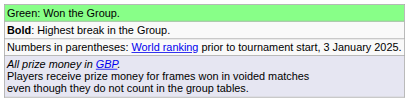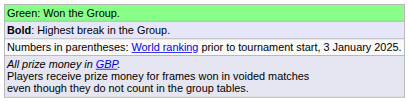 <table class="wikitable" style="font-size:85%;">
 <tr style="background:#88ff88;">
 <td>Green: Won the Group.</td>
 </tr>
 <tr>
-<td><strong>Bold</strong>: Highest break in the Group.</td>
+<td style="background: lavender;"><strong>Bold</strong>: Highest break in the Group.</td>
 </tr>
 <tr>
 <td>Numbers in parentheses: <a href='#'>World ranking</a> prior to tournament start, 3 January 2025.</td>
 </tr>
 <tr style="background:#e6e6f2;">
 <td><em>All prize money in <a href='#'>GBP</a>.</em><br>Players receive prize money for frames won in voided matches<br>even though they do not count in the group tables.</td>
 </tr>
 </table>
